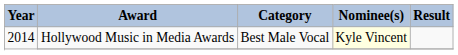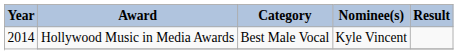 <table class="wikitable" style="font-size: 95%;">
 <tr style="text-align:center;">
 <th style="background:#B0C4DE">Year</th>
 <th style="background:#B0C4DE">Award</th>
 <th style="background:#B0C4DE">Category</th>
 <th style="background:#B0C4DE">Nominee(s)</th>
 <th style="background:#B0C4DE">Result</th>
 </tr>
 <tr>
 <td rowspan=7>2014</td>
 <td>Hollywood Music in Media Awards</td>
 <td>Best Male Vocal</td>
-<td style="background: lightyellow;">Kyle Vincent</td>
+<td>Kyle Vincent</td>
 <td></td>
 </tr>
 <tr>
 </tr>
 </table>
